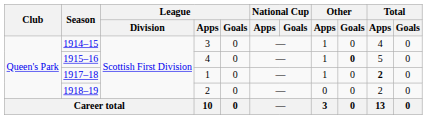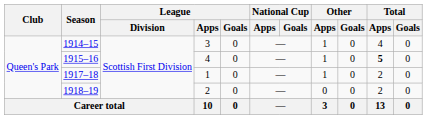 <table class="wikitable" style="text-align: center;">
 <tr>
 <th rowspan="2">Club</th>
 <th rowspan="2">Season</th>
 <th colspan="3">League</th>
 <th colspan="2">National Cup</th>
 <th colspan="2">Other</th>
 <th colspan="2">Total</th>
 </tr>
 <tr>
 <th>Division</th>
 <th>Apps</th>
 <th>Goals</th>
 <th>Apps</th>
 <th>Goals</th>
 <th>Apps</th>
 <th>Goals</th>
 <th>Apps</th>
 <th>Goals</th>
 </tr>
 <tr>
 <td rowspan="4"><a href='#'>Queen's Park</a></td>
 <td><a href='#'>1914–15</a></td>
 <td rowspan="4"><a href='#'>Scottish First Division</a></td>
 <td>3</td>
 <td>0</td>
 <td colspan="2">—</td>
 <td>1</td>
 <td>0</td>
 <td>4</td>
 <td>0</td>
 </tr>
 <tr>
 <td><a href='#'>1915–16</a></td>
 <td>4</td>
 <td>0</td>
 <td colspan="2">—</td>
 <td>1</td>
-<td><strong>0</strong></td>
-<td>5</td>
+<td>0</td>
+<td><strong>5</strong></td>
 <td>0</td>
 </tr>
 <tr>
 <td><a href='#'>1917–18</a></td>
 <td>1</td>
 <td>0</td>
 <td colspan="2">—</td>
 <td>1</td>
 <td>0</td>
-<td><strong>2</strong></td>
+<td>2</td>
 <td>0</td>
 </tr>
 <tr>
 <td><a href='#'>1918–19</a></td>
 <td>2</td>
 <td>0</td>
 <td colspan="2">—</td>
 <td>0</td>
 <td>0</td>
 <td>2</td>
 <td>0</td>
 </tr>
 <tr>
 <th colspan="3">Career total</th>
 <th>10</th>
 <th>0</th>
 <th colspan="2">—</th>
 <th>3</th>
 <th>0</th>
 <th>13</th>
 <th>0</th>
 </tr>
 </table>
